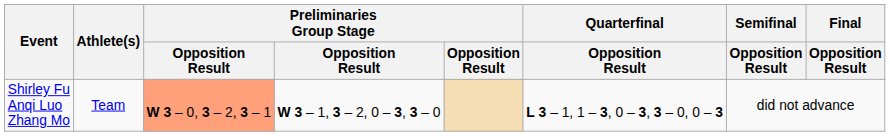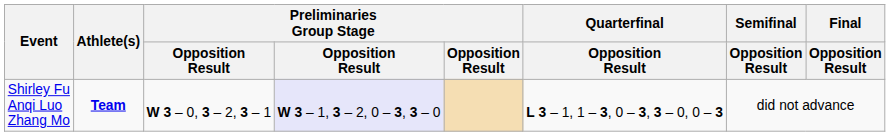 <table class="wikitable" border="1" style="font-size:90%">
 <tr>
 <th rowspan=2>Event</th>
 <th rowspan=2>Athlete(s)</th>
 <th colspan=3>Preliminaries<br>Group Stage</th>
 <th>Quarterfinal</th>
 <th>Semifinal</th>
 <th>Final</th>
 </tr>
 <tr>
 <th>Opposition<br>Result</th>
 <th>Opposition<br>Result</th>
 <th>Opposition<br>Result</th>
 <th>Opposition<br>Result</th>
 <th>Opposition<br>Result</th>
 <th>Opposition<br>Result</th>
 </tr>
 <tr>
 <td><a href='#'>Shirley Fu</a><br><a href='#'>Anqi Luo</a><br><a href='#'>Zhang Mo</a></td>
-<td align=center><a href='#'>Team</a></td>
-<td align=center style="background: lightsalmon;"><br> <strong>W</strong> <strong>3</strong> – 0, <strong>3</strong> – 2, <strong>3</strong> – 1</td>
-<td align=center><br> <strong>W</strong> <strong>3</strong> – 1, <strong>3</strong> – 2, 0 – <strong>3</strong>, <strong>3</strong> – 0</td>
+<td align=center><strong><a href='#'>Team</a></strong></td>
+<td align=center><br> <strong>W</strong> <strong>3</strong> – 0, <strong>3</strong> – 2, <strong>3</strong> – 1</td>
+<td align=center style="background: lavender;"><br> <strong>W</strong> <strong>3</strong> – 1, <strong>3</strong> – 2, 0 – <strong>3</strong>, <strong>3</strong> – 0</td>
 <td align=center bgcolor=wheat></td>
 <td align=center><br> <strong>L</strong> <strong>3</strong> – 1, 1 – <strong>3</strong>, 0 – <strong>3</strong>, <strong>3</strong> – 0, 0 – <strong>3</strong></td>
 <td align="center" colspan="7">did not advance</td>
 </tr>
 </table>
